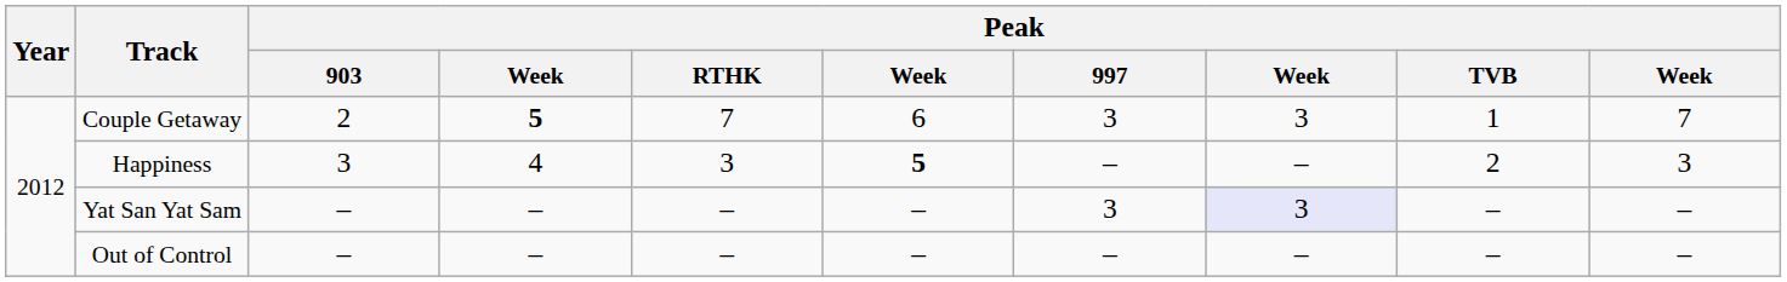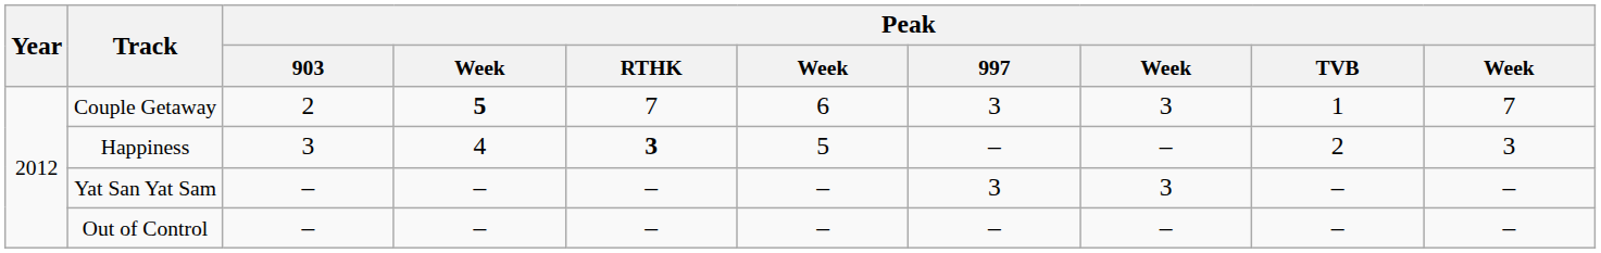 <table class="wikitable">
 <tr>
 <th align="center" rowspan="2">Year</th>
 <th align="center" rowspan="2">Track</th>
 <th align="center" colspan="8">Peak</th>
 </tr>
 <tr>
 <th width="100"><small>903</small></th>
 <th width="100"><small>Week</small></th>
 <th width="100"><small>RTHK</small></th>
 <th width="100"><small>Week</small></th>
 <th width="100"><small>997</small></th>
 <th width="100"><small>Week</small></th>
 <th width="100"><small>TVB</small></th>
 <th width="100"><small>Week</small></th>
 </tr>
 <tr>
 <td align="center" rowspan="4"><small>2012</small></td>
 <td align="center"><small>Couple Getaway</small></td>
 <td align="center">2</td>
 <td align="center"><strong>5</strong></td>
 <td align="center">7</td>
 <td align="center">6</td>
 <td align="center">3</td>
 <td align="center">3</td>
 <td align="center">1</td>
 <td align="center">7</td>
 </tr>
 <tr>
 <td align="center"><small>Happiness</small></td>
 <td align="center">3</td>
 <td align="center">4</td>
-<td align="center">3</td>
-<td align="center"><strong>5</strong></td>
+<td align="center"><strong>3</strong></td>
+<td align="center">5</td>
 <td align="center">–</td>
 <td align="center">–</td>
 <td align="center">2</td>
 <td align="center">3</td>
 </tr>
 <tr>
 <td align="center"><small>Yat San Yat Sam</small></td>
 <td align="center">–</td>
 <td align="center">–</td>
 <td align="center">–</td>
 <td align="center">–</td>
 <td align="center">3</td>
-<td align="center" style="background: lavender;">3</td>
+<td align="center">3</td>
 <td align="center">–</td>
 <td align="center">–</td>
 </tr>
 <tr>
 <td align="center"><small>Out of Control</small></td>
 <td align="center">–</td>
 <td align="center">–</td>
 <td align="center">–</td>
 <td align="center">–</td>
 <td align="center">–</td>
 <td align="center">–</td>
 <td align="center">–</td>
 <td align="center">–</td>
 </tr>
 </table>
